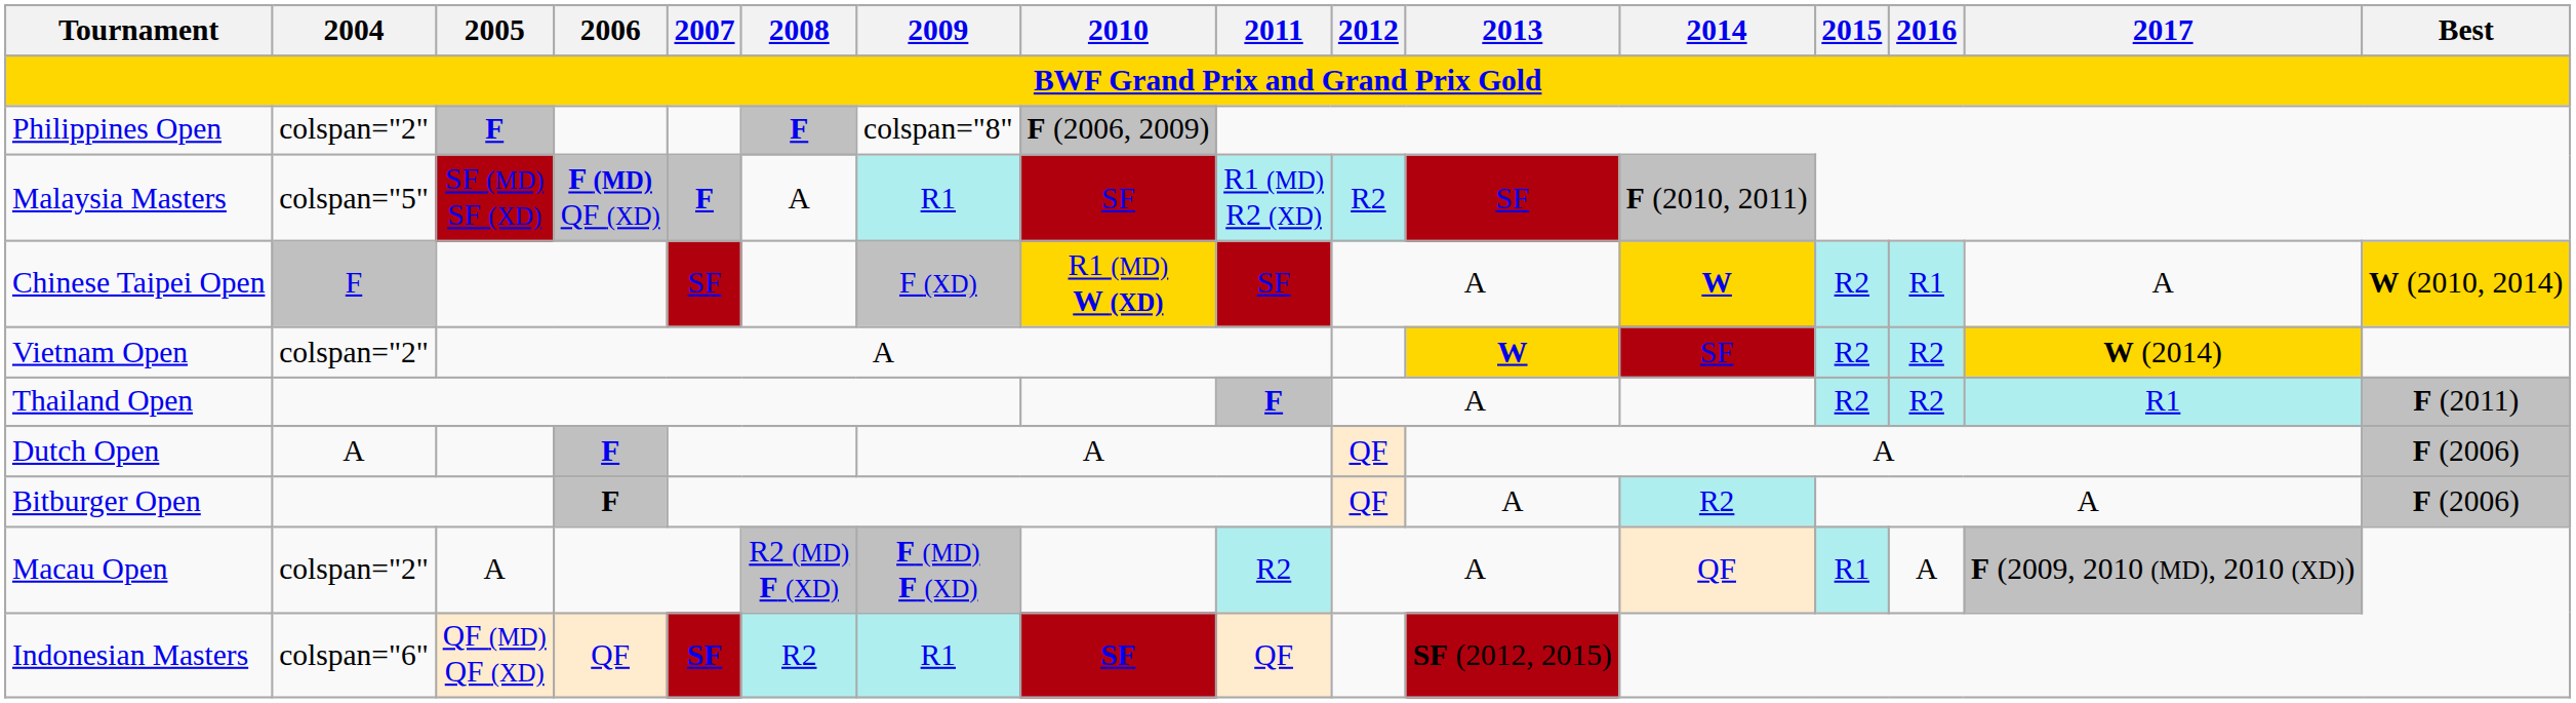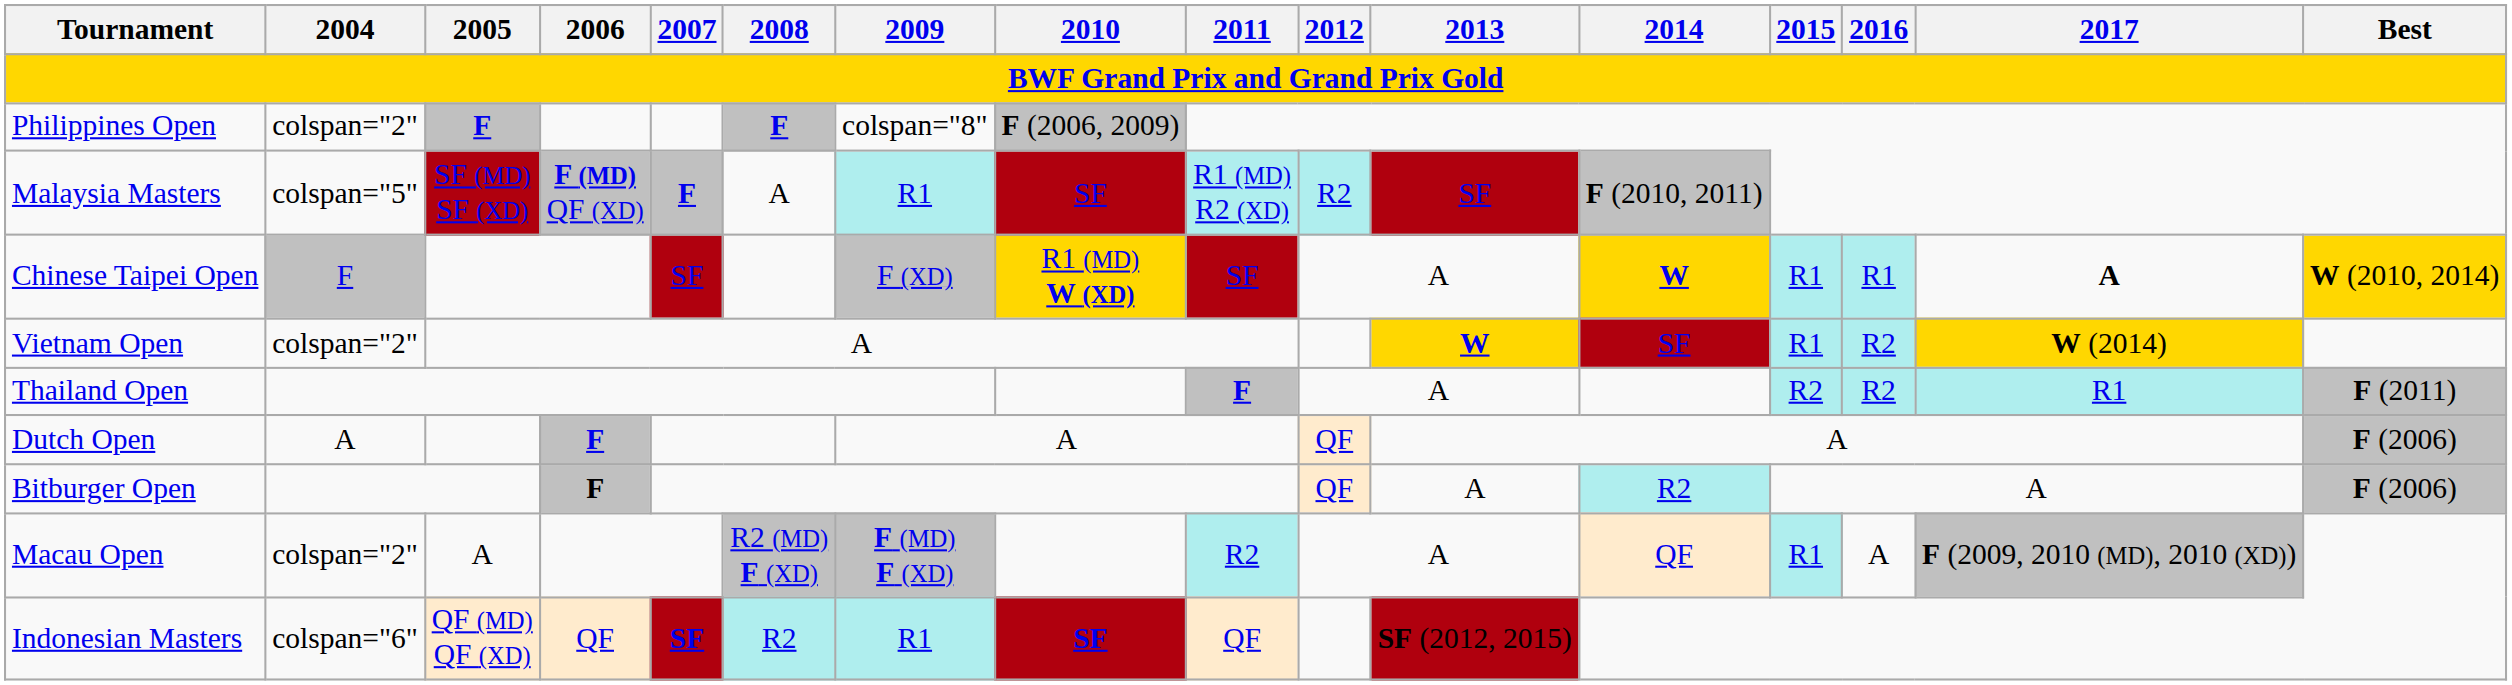 <table class="wikitable" style="font-size: 90%; text-align:center">
 <tr>
 <th>Tournament</th>
 <th>2004</th>
 <th>2005</th>
 <th>2006</th>
 <th><a href='#'>2007</a></th>
 <th><a href='#'>2008</a></th>
 <th><a href='#'>2009</a></th>
 <th><a href='#'>2010</a></th>
 <th><a href='#'>2011</a></th>
 <th><a href='#'>2012</a></th>
 <th><a href='#'>2013</a></th>
 <th><a href='#'>2014</a></th>
 <th><a href='#'>2015</a></th>
 <th><a href='#'>2016</a></th>
 <th><a href='#'>2017</a></th>
 <th>Best</th>
 </tr>
 <tr bgcolor=FFD700>
 <td colspan="16" align=center><strong><a href='#'>BWF Grand Prix and Grand Prix Gold</a></strong></td>
 </tr>
 <tr>
 <td align=left><a href='#'>Philippines Open</a></td>
 <td>colspan="2" </td>
 <td bgcolor=Silver><a href='#'><strong>F</strong></a></td>
 <td></td>
 <td></td>
 <td bgcolor=Silver><a href='#'><strong>F</strong></a></td>
 <td>colspan="8" </td>
 <td bgcolor=Silver><strong>F</strong> (2006, 2009)</td>
 </tr>
 <tr>
 <td align=left><a href='#'>Malaysia Masters</a></td>
 <td>colspan="5" </td>
 <td bgcolor=Bronze><a href='#'>SF <small>(MD)</small></a><br> <a href='#'>SF <small>(XD)</small></a></td>
 <td bgcolor=Silver><a href='#'><strong>F <small>(MD)</small></strong></a><br> <a href='#'>QF <small>(XD)</small></a></td>
 <td bgcolor=Silver><a href='#'><strong>F</strong></a></td>
 <td>A</td>
 <td bgcolor=AFEEEE><a href='#'>R1</a></td>
 <td bgcolor=Bronze><a href='#'>SF</a></td>
 <td bgcolor=AFEEEE><a href='#'>R1 <small>(MD)</small></a><br> <a href='#'>R2 <small>(XD)</small></a></td>
 <td bgcolor=AFEEEE><a href='#'>R2</a></td>
 <td bgcolor=Bronze><a href='#'>SF</a></td>
 <td bgcolor=Silver><strong>F</strong> (2010, 2011)</td>
 </tr>
 <tr>
 <td align=left><a href='#'>Chinese Taipei Open</a></td>
 <td bgcolor=Silver><a href='#'>F</a></td>
 <td colspan="2"></td>
 <td bgcolor=Bronze><a href='#'>SF</a></td>
 <td></td>
 <td bgcolor=Silver><a href='#'>F <small>(XD)</small></a></td>
 <td bgcolor=Gold><a href='#'>R1 <small>(MD)</small></a><br> <a href='#'><strong>W <small>(XD)</small> </strong></a></td>
 <td bgcolor=Bronze><a href='#'>SF</a></td>
 <td colspan="2">A</td>
 <td bgcolor=Gold><a href='#'><strong>W</strong></a></td>
-<td bgcolor=AFEEEE><a href='#'>R2</a></td>
 <td bgcolor=AFEEEE><a href='#'>R1</a></td>
-<td>A</td>
+<td bgcolor=AFEEEE><a href='#'>R1</a></td>
+<td><strong>A</strong></td>
 <td bgcolor=Gold><strong>W</strong> (2010, 2014)</td>
 </tr>
 <tr>
 <td align=left><a href='#'>Vietnam Open</a></td>
 <td>colspan="2" </td>
 <td colspan="7">A</td>
 <td></td>
 <td bgcolor=Gold><a href='#'><strong>W</strong></a></td>
 <td bgcolor=Bronze><a href='#'>SF</a></td>
-<td bgcolor=AFEEEE><a href='#'>R2</a></td>
+<td bgcolor=AFEEEE><a href='#'>R1</a></td>
 <td bgcolor=AFEEEE><a href='#'>R2</a></td>
 <td bgcolor=Gold><strong>W</strong> (2014)</td>
 </tr>
 <tr>
 <td align=left><a href='#'>Thailand Open</a></td>
 <td colspan="6"></td>
 <td></td>
 <td bgcolor=Silver><a href='#'><strong>F</strong></a></td>
 <td colspan="2">A</td>
 <td></td>
 <td bgcolor=AFEEEE><a href='#'>R2</a></td>
 <td bgcolor=AFEEEE><a href='#'>R2</a></td>
 <td bgcolor=AFEEEE><a href='#'>R1</a></td>
 <td bgcolor=Silver><strong>F</strong> (2011)</td>
 </tr>
 <tr>
 <td align=left><a href='#'>Dutch Open</a></td>
 <td>A</td>
 <td></td>
 <td bgcolor=Silver><a href='#'><strong>F</strong></a></td>
 <td colspan="2"></td>
 <td colspan="3">A</td>
 <td bgcolor=FFEBCD><a href='#'>QF</a></td>
 <td colspan="5">A</td>
 <td bgcolor=Silver><strong>F</strong> (2006)</td>
 </tr>
 <tr>
 <td align=left><a href='#'>Bitburger Open</a></td>
 <td colspan="2"></td>
 <td bgcolor=Silver><strong>F</strong></td>
 <td colspan="5"></td>
 <td bgcolor=FFEBCD><a href='#'>QF</a></td>
 <td>A</td>
 <td bgcolor=AFEEEE><a href='#'>R2</a></td>
 <td colspan="3">A</td>
 <td bgcolor=Silver><strong>F</strong> (2006)</td>
 </tr>
 <tr>
 <td align=left><a href='#'>Macau Open</a></td>
 <td>colspan="2" </td>
 <td>A</td>
 <td colspan="2"></td>
 <td bgcolor=Silver><a href='#'>R2 <small>(MD)</small></a><br><a href='#'><strong>F</strong> <small>(XD)</small></a></td>
 <td bgcolor=Silver><a href='#'><strong>F</strong> <small>(MD)</small></a><br><a href='#'><strong>F</strong> <small>(XD)</small></a></td>
 <td></td>
 <td bgcolor=AFEEEE><a href='#'>R2</a></td>
 <td colspan="2">A</td>
 <td bgcolor=FFEBCD><a href='#'>QF</a></td>
 <td bgcolor=AFEEEE><a href='#'>R1</a></td>
 <td>A</td>
 <td bgcolor=Silver><strong>F</strong> (2009, 2010 <small>(MD)</small>, 2010 <small>(XD)</small>)</td>
 </tr>
 <tr>
 <td align=left><a href='#'>Indonesian Masters</a></td>
 <td>colspan="6" </td>
 <td bgcolor=FFEBCD><a href='#'>QF <small>(MD)</small></a> <br> <a href='#'>QF <small>(XD)</small></a></td>
 <td bgcolor=FFEBCD><a href='#'>QF</a></td>
 <td bgcolor=Bronze><a href='#'><strong>SF</strong></a></td>
 <td bgcolor=AFEEEE><a href='#'>R2</a></td>
 <td bgcolor=AFEEEE><a href='#'>R1</a></td>
 <td bgcolor=Bronze><a href='#'><strong>SF</strong></a></td>
 <td bgcolor=FFEBCD><a href='#'>QF</a></td>
 <td></td>
 <td bgcolor=Bronze><strong>SF</strong> (2012, 2015)</td>
 </tr>
 </table>
